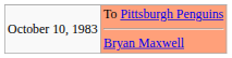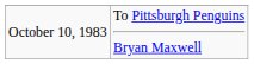 <table class="wikitable">
 <tr>
 </tr>
 <tr>
 <td>October 10, 1983</td>
-<td valign="top" style="background: lightsalmon;">To <a href='#'>Pittsburgh Penguins</a><hr><a href='#'>Bryan Maxwell</a></td>
+<td valign="top">To <a href='#'>Pittsburgh Penguins</a><hr><a href='#'>Bryan Maxwell</a></td>
 </tr>
 </table>
